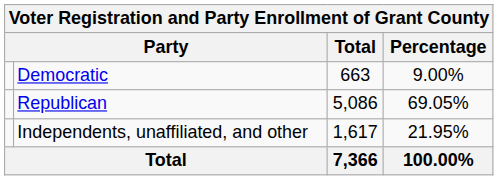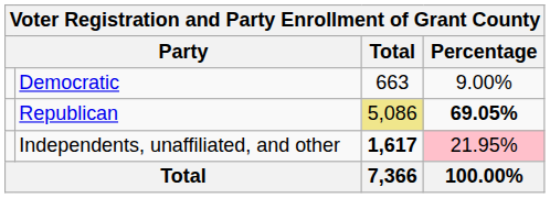 <table class=wikitable>
 <tr>
 <th colspan = 6>Voter Registration and Party Enrollment of Grant County</th>
 </tr>
 <tr>
 <th colspan = 2>Party</th>
 <th>Total</th>
 <th>Percentage</th>
 </tr>
 <tr>
 <td></td>
 <td><a href='#'>Democratic</a></td>
 <td style="text-align:center;">663</td>
 <td style="text-align:center;">9.00%</td>
 </tr>
 <tr>
 <td></td>
 <td><a href='#'>Republican</a></td>
-<td style="text-align:center;">5,086</td>
-<td style="text-align:center;">69.05%</td>
+<td style="background: khaki; text-align:center;">5,086</td>
+<td style="text-align:center;"><strong>69.05%</strong></td>
 </tr>
 <tr>
 <td></td>
 <td>Independents, unaffiliated, and other</td>
-<td style="text-align:center;">1,617</td>
-<td style="text-align:center;">21.95%</td>
+<td style="text-align:center;"><strong>1,617</strong></td>
+<td style="background: pink; text-align:center;">21.95%</td>
 </tr>
 <tr>
 <th colspan = 2>Total</th>
 <th style="text-align:center;">7,366</th>
 <th style="text-align:center;">100.00%</th>
 </tr>
 </table>
